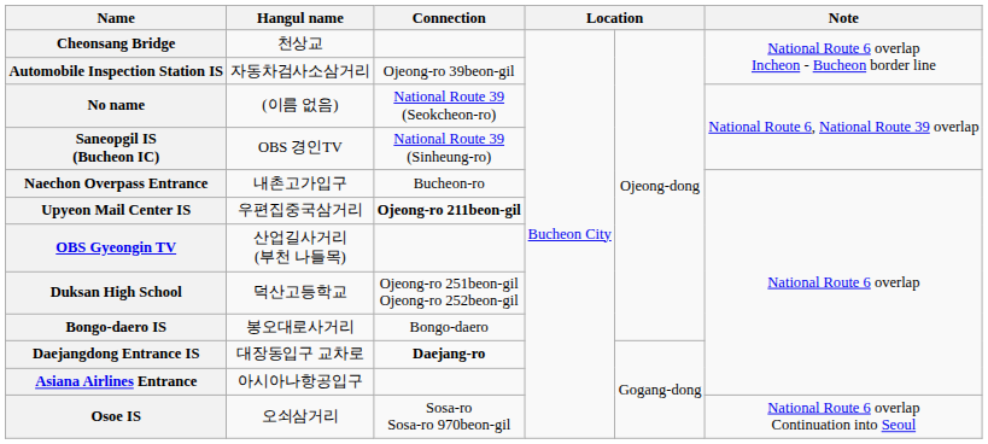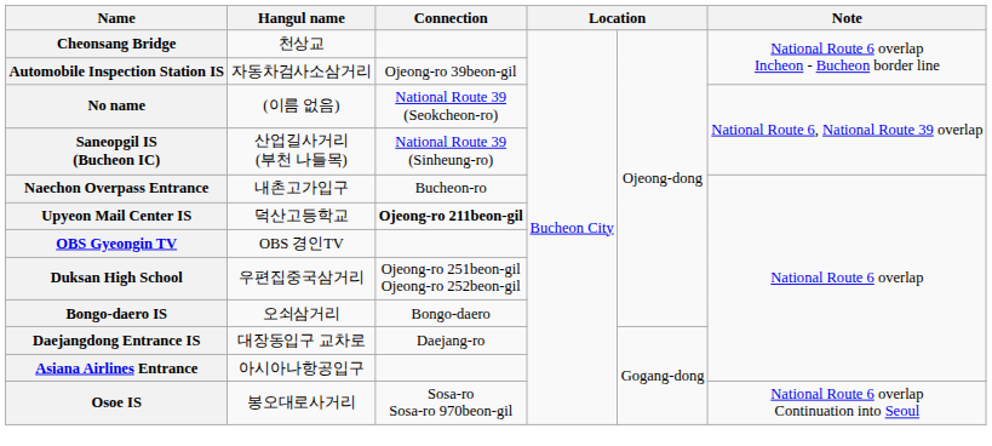 <table class="wikitable" style="font-size: 85%; text-align: center;">
 <tr>
 <th>Name</th>
 <th>Hangul name</th>
 <th>Connection</th>
 <th colspan="2">Location</th>
 <th>Note</th>
 </tr>
 <tr>
 <th>Cheonsang Bridge</th>
 <td>천상교</td>
 <td></td>
 <td rowspan=12><a href='#'>Bucheon City</a></td>
 <td rowspan=9>Ojeong-dong</td>
 <td rowspan=2><a href='#'>National Route 6</a> overlap<br><a href='#'>Incheon</a> - <a href='#'>Bucheon</a> border line</td>
 </tr>
 <tr>
 <th>Automobile Inspection Station IS</th>
 <td>자동차검사소삼거리</td>
 <td>Ojeong-ro 39beon-gil</td>
 </tr>
 <tr>
 <th>No name</th>
 <td>(이름 없음)</td>
 <td><a href='#'>National Route 39</a><br>(Seokcheon-ro)</td>
 <td rowspan=2><a href='#'>National Route 6</a>, <a href='#'>National Route 39</a> overlap</td>
 </tr>
 <tr>
 <th>Saneopgil IS<br>(Bucheon IC)</th>
-<td>OBS 경인TV</td>
+<td>산업길사거리<br>(부천 나들목)</td>
 <td><a href='#'>National Route 39</a><br>(Sinheung-ro)</td>
 </tr>
 <tr>
 <th>Naechon Overpass Entrance</th>
 <td>내촌고가입구</td>
 <td>Bucheon-ro</td>
 <td rowspan=7><a href='#'>National Route 6</a> overlap</td>
 </tr>
 <tr>
 <th>Upyeon Mail Center IS</th>
-<td>우편집중국삼거리</td>
+<td>덕산고등학교</td>
 <td><strong>Ojeong-ro 211beon-gil</strong></td>
 </tr>
 <tr>
 <th><a href='#'>OBS Gyeongin TV</a></th>
-<td>산업길사거리<br>(부천 나들목)</td>
+<td>OBS 경인TV</td>
 <td></td>
 </tr>
 <tr>
 <th>Duksan High School</th>
-<td>덕산고등학교</td>
+<td>우편집중국삼거리</td>
 <td>Ojeong-ro 251beon-gil<br>Ojeong-ro 252beon-gil</td>
 </tr>
 <tr>
 <th>Bongo-daero IS</th>
-<td>봉오대로사거리</td>
+<td>오쇠삼거리</td>
 <td>Bongo-daero</td>
 </tr>
 <tr>
 <th>Daejangdong Entrance IS</th>
 <td>대장동입구 교차로</td>
-<td><strong>Daejang-ro</strong></td>
+<td>Daejang-ro</td>
 <td rowspan=3>Gogang-dong</td>
 </tr>
 <tr>
 <th><a href='#'>Asiana Airlines</a> Entrance</th>
 <td>아시아나항공입구</td>
 <td></td>
 </tr>
 <tr>
 <th>Osoe IS</th>
-<td>오쇠삼거리</td>
+<td>봉오대로사거리</td>
 <td>Sosa-ro<br>Sosa-ro 970beon-gil</td>
 <td><a href='#'>National Route 6</a> overlap<br>Continuation into <a href='#'>Seoul</a></td>
 </tr>
 </table>
